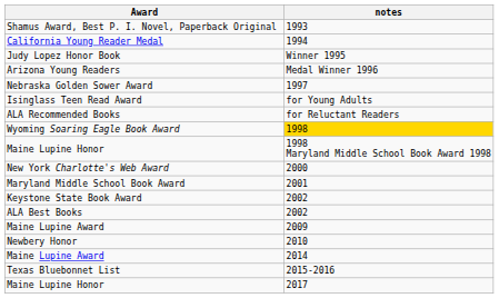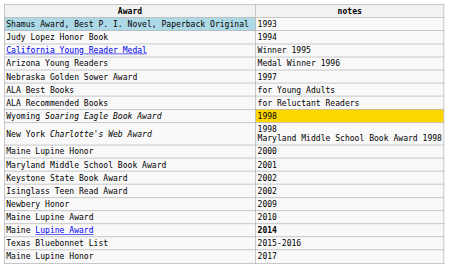 <table class="wikitable" border="1">
 <tr>
 <th>Award</th>
 <th>notes</th>
 </tr>
 <tr>
-<td>Shamus Award, Best P. I. Novel, Paperback Original </td>
+<td style="background: lightblue;">Shamus Award, Best P. I. Novel, Paperback Original </td>
 <td>1993</td>
 </tr>
 <tr>
-<td><a href='#'>California Young Reader Medal</a></td>
+<td>Judy Lopez Honor Book</td>
 <td>1994</td>
 </tr>
 <tr>
-<td>Judy Lopez Honor Book</td>
+<td><a href='#'>California Young Reader Medal</a></td>
 <td>Winner 1995</td>
 </tr>
 <tr>
 <td>Arizona Young Readers</td>
 <td>Medal Winner 1996</td>
 </tr>
 <tr>
 <td>Nebraska Golden Sower Award</td>
 <td>1997</td>
 </tr>
 <tr>
-<td>Isinglass Teen Read Award</td>
+<td>ALA Best Books</td>
 <td>for Young Adults</td>
 </tr>
 <tr>
 <td>ALA Recommended Books</td>
 <td>for Reluctant Readers</td>
 </tr>
 <tr>
 <td>Wyoming <em>Soaring Eagle Book Award</em></td>
 <td style="background: gold;">1998</td>
 </tr>
 <tr>
-<td>Maine Lupine Honor</td>
+<td>New York <em>Charlotte's Web Award</em></td>
 <td>1998<br>Maryland Middle School Book Award 1998</td>
 </tr>
 <tr>
-<td>New York <em>Charlotte's Web Award</em></td>
+<td>Maine Lupine Honor</td>
 <td>2000</td>
 </tr>
 <tr>
 <td>Maryland Middle School Book Award</td>
 <td>2001</td>
 </tr>
 <tr>
 <td>Keystone State Book Award</td>
 <td>2002</td>
 </tr>
 <tr>
-<td>ALA Best Books</td>
+<td>Isinglass Teen Read Award</td>
 <td>2002</td>
 </tr>
 <tr>
-<td>Maine Lupine Award</td>
+<td>Newbery Honor</td>
 <td>2009</td>
 </tr>
 <tr>
-<td>Newbery Honor</td>
+<td>Maine Lupine Award</td>
 <td>2010</td>
 </tr>
 <tr>
 <td>Maine <a href='#'>Lupine Award</a></td>
-<td>2014</td>
+<td><strong>2014</strong></td>
 </tr>
 <tr>
 <td>Texas Bluebonnet List</td>
 <td>2015-2016</td>
 </tr>
 <tr>
 <td>Maine Lupine Honor</td>
 <td>2017</td>
 </tr>
 </table>
